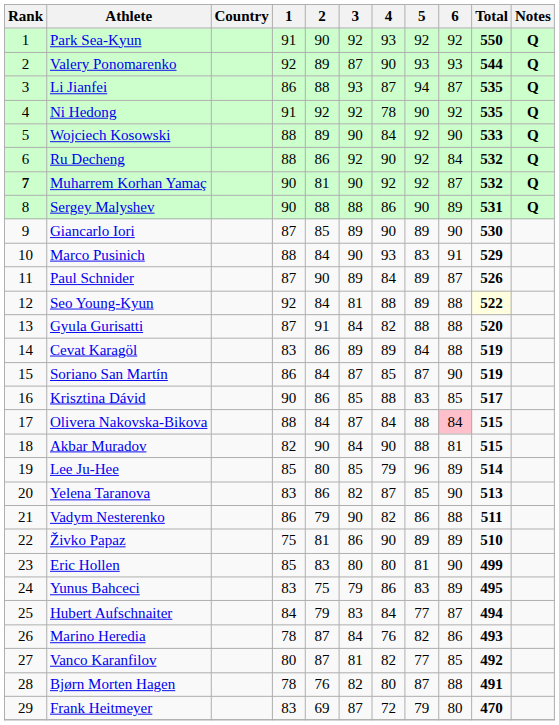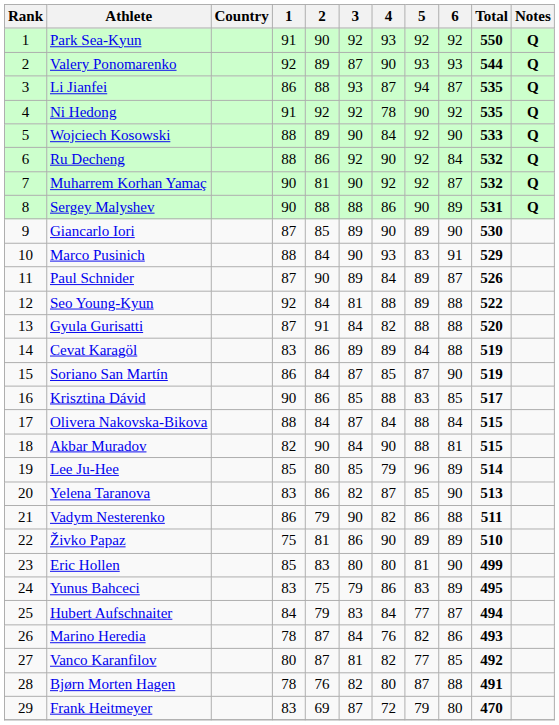 <table class="wikitable sortable" style="text-align:center">
 <tr>
 <th>Rank</th>
 <th>Athlete</th>
 <th>Country</th>
 <th style="width: 28px">1</th>
 <th style="width: 28px">2</th>
 <th style="width: 28px">3</th>
 <th style="width: 28px">4</th>
 <th style="width: 28px">5</th>
 <th style="width: 28px">6</th>
 <th>Total</th>
 <th class="unsortable">Notes</th>
 </tr>
 <tr bgcolor=#ccffcc>
 <td>1</td>
 <td align="left"><a href='#'>Park Sea-Kyun</a></td>
 <td align="left"></td>
 <td>91</td>
 <td>90</td>
 <td>92</td>
 <td>93</td>
 <td>92</td>
 <td>92</td>
 <td><strong>550</strong></td>
 <td><strong>Q</strong></td>
 </tr>
 <tr bgcolor=#ccffcc>
 <td>2</td>
 <td align="left"><a href='#'>Valery Ponomarenko</a></td>
 <td align="left"></td>
 <td>92</td>
 <td>89</td>
 <td>87</td>
 <td>90</td>
 <td>93</td>
 <td>93</td>
 <td><strong>544</strong></td>
 <td><strong>Q</strong></td>
 </tr>
 <tr bgcolor=#ccffcc>
 <td>3</td>
 <td align="left"><a href='#'>Li Jianfei</a></td>
 <td align="left"></td>
 <td>86</td>
 <td>88</td>
 <td>93</td>
 <td>87</td>
 <td>94</td>
 <td>87</td>
 <td><strong>535</strong></td>
 <td><strong>Q</strong></td>
 </tr>
 <tr bgcolor=#ccffcc>
 <td>4</td>
 <td align="left"><a href='#'>Ni Hedong</a></td>
 <td align="left"></td>
 <td>91</td>
 <td>92</td>
 <td>92</td>
 <td>78</td>
 <td>90</td>
 <td>92</td>
 <td><strong>535</strong></td>
 <td><strong>Q</strong></td>
 </tr>
 <tr bgcolor=#ccffcc>
 <td>5</td>
 <td align="left"><a href='#'>Wojciech Kosowski</a></td>
 <td align="left"></td>
 <td>88</td>
 <td>89</td>
 <td>90</td>
 <td>84</td>
 <td>92</td>
 <td>90</td>
 <td><strong>533</strong></td>
 <td><strong>Q</strong></td>
 </tr>
 <tr bgcolor=#ccffcc>
 <td>6</td>
 <td align="left"><a href='#'>Ru Decheng</a></td>
 <td align="left"></td>
 <td>88</td>
 <td>86</td>
 <td>92</td>
 <td>90</td>
 <td>92</td>
 <td>84</td>
 <td><strong>532</strong></td>
 <td><strong>Q</strong></td>
 </tr>
 <tr bgcolor=#ccffcc>
-<td><strong>7</strong></td>
+<td>7</td>
 <td align="left"><a href='#'>Muharrem Korhan Yamaç</a></td>
 <td align="left"></td>
 <td>90</td>
 <td>81</td>
 <td>90</td>
 <td>92</td>
 <td>92</td>
 <td>87</td>
 <td><strong>532</strong></td>
 <td><strong>Q</strong></td>
 </tr>
 <tr bgcolor=#ccffcc>
 <td>8</td>
 <td align="left"><a href='#'>Sergey Malyshev</a></td>
 <td align="left"></td>
 <td>90</td>
 <td>88</td>
 <td>88</td>
 <td>86</td>
 <td>90</td>
 <td>89</td>
 <td><strong>531</strong></td>
 <td><strong>Q</strong></td>
 </tr>
 <tr>
 <td>9</td>
 <td align="left"><a href='#'>Giancarlo Iori</a></td>
 <td align="left"></td>
 <td>87</td>
 <td>85</td>
 <td>89</td>
 <td>90</td>
 <td>89</td>
 <td>90</td>
 <td><strong>530</strong></td>
 <td></td>
 </tr>
 <tr>
 <td>10</td>
 <td align="left"><a href='#'>Marco Pusinich</a></td>
 <td align="left"></td>
 <td>88</td>
 <td>84</td>
 <td>90</td>
 <td>93</td>
 <td>83</td>
 <td>91</td>
 <td><strong>529</strong></td>
 <td></td>
 </tr>
 <tr>
 <td>11</td>
 <td align="left"><a href='#'>Paul Schnider</a></td>
 <td align="left"></td>
 <td>87</td>
 <td>90</td>
 <td>89</td>
 <td>84</td>
 <td>89</td>
 <td>87</td>
 <td><strong>526</strong></td>
 <td></td>
 </tr>
 <tr>
 <td>12</td>
 <td align="left"><a href='#'>Seo Young-Kyun</a></td>
 <td align="left"></td>
 <td>92</td>
 <td>84</td>
 <td>81</td>
 <td>88</td>
 <td>89</td>
 <td>88</td>
-<td style="background: lightyellow;"><strong>522</strong></td>
+<td><strong>522</strong></td>
 <td></td>
 </tr>
 <tr>
 <td>13</td>
 <td align="left"><a href='#'>Gyula Gurisatti</a></td>
 <td align="left"></td>
 <td>87</td>
 <td>91</td>
 <td>84</td>
 <td>82</td>
 <td>88</td>
 <td>88</td>
 <td><strong>520</strong></td>
 <td></td>
 </tr>
 <tr>
 <td>14</td>
 <td align="left"><a href='#'>Cevat Karagöl</a></td>
 <td align="left"></td>
 <td>83</td>
 <td>86</td>
 <td>89</td>
 <td>89</td>
 <td>84</td>
 <td>88</td>
 <td><strong>519</strong></td>
 <td></td>
 </tr>
 <tr>
 <td>15</td>
 <td align="left"><a href='#'>Soriano San Martín</a></td>
 <td align="left"></td>
 <td>86</td>
 <td>84</td>
 <td>87</td>
 <td>85</td>
 <td>87</td>
 <td>90</td>
 <td><strong>519</strong></td>
 <td></td>
 </tr>
 <tr>
 <td>16</td>
 <td align="left"><a href='#'>Krisztina Dávid</a></td>
 <td align="left"></td>
 <td>90</td>
 <td>86</td>
 <td>85</td>
 <td>88</td>
 <td>83</td>
 <td>85</td>
 <td><strong>517</strong></td>
 <td></td>
 </tr>
 <tr>
 <td>17</td>
 <td align="left"><a href='#'>Olivera Nakovska-Bikova</a></td>
 <td align="left"></td>
 <td>88</td>
 <td>84</td>
 <td>87</td>
 <td>84</td>
 <td>88</td>
-<td style="background: pink;">84</td>
+<td>84</td>
 <td><strong>515</strong></td>
 <td></td>
 </tr>
 <tr>
 <td>18</td>
 <td align="left"><a href='#'>Akbar Muradov</a></td>
 <td align="left"></td>
 <td>82</td>
 <td>90</td>
 <td>84</td>
 <td>90</td>
 <td>88</td>
 <td>81</td>
 <td><strong>515</strong></td>
 <td></td>
 </tr>
 <tr>
 <td>19</td>
 <td align="left"><a href='#'>Lee Ju-Hee</a></td>
 <td align="left"></td>
 <td>85</td>
 <td>80</td>
 <td>85</td>
 <td>79</td>
 <td>96</td>
 <td>89</td>
 <td><strong>514</strong></td>
 <td></td>
 </tr>
 <tr>
 <td>20</td>
 <td align="left"><a href='#'>Yelena Taranova</a></td>
 <td align="left"></td>
 <td>83</td>
 <td>86</td>
 <td>82</td>
 <td>87</td>
 <td>85</td>
 <td>90</td>
 <td><strong>513</strong></td>
 <td></td>
 </tr>
 <tr>
 <td>21</td>
 <td align="left"><a href='#'>Vadym Nesterenko</a></td>
 <td align="left"></td>
 <td>86</td>
 <td>79</td>
 <td>90</td>
 <td>82</td>
 <td>86</td>
 <td>88</td>
 <td><strong>511</strong></td>
 <td></td>
 </tr>
 <tr>
 <td>22</td>
 <td align="left"><a href='#'>Živko Papaz</a></td>
 <td align="left"></td>
 <td>75</td>
 <td>81</td>
 <td>86</td>
 <td>90</td>
 <td>89</td>
 <td>89</td>
 <td><strong>510</strong></td>
 <td></td>
 </tr>
 <tr>
 <td>23</td>
 <td align="left"><a href='#'>Eric Hollen</a></td>
 <td align="left"></td>
 <td>85</td>
 <td>83</td>
 <td>80</td>
 <td>80</td>
 <td>81</td>
 <td>90</td>
 <td><strong>499</strong></td>
 <td></td>
 </tr>
 <tr>
 <td>24</td>
 <td align="left"><a href='#'>Yunus Bahceci</a></td>
 <td align="left"></td>
 <td>83</td>
 <td>75</td>
 <td>79</td>
 <td>86</td>
 <td>83</td>
 <td>89</td>
 <td><strong>495</strong></td>
 <td></td>
 </tr>
 <tr>
 <td>25</td>
 <td align="left"><a href='#'>Hubert Aufschnaiter</a></td>
 <td align="left"></td>
 <td>84</td>
 <td>79</td>
 <td>83</td>
 <td>84</td>
 <td>77</td>
 <td>87</td>
 <td><strong>494</strong></td>
 <td></td>
 </tr>
 <tr>
 <td>26</td>
 <td align="left"><a href='#'>Marino Heredia</a></td>
 <td align="left"></td>
 <td>78</td>
 <td>87</td>
 <td>84</td>
 <td>76</td>
 <td>82</td>
 <td>86</td>
 <td><strong>493</strong></td>
 <td></td>
 </tr>
 <tr>
 <td>27</td>
 <td align="left"><a href='#'>Vanco Karanfilov</a></td>
 <td align="left"></td>
 <td>80</td>
 <td>87</td>
 <td>81</td>
 <td>82</td>
 <td>77</td>
 <td>85</td>
 <td><strong>492</strong></td>
 <td></td>
 </tr>
 <tr>
 <td>28</td>
 <td align="left"><a href='#'>Bjørn Morten Hagen</a></td>
 <td align="left"></td>
 <td>78</td>
 <td>76</td>
 <td>82</td>
 <td>80</td>
 <td>87</td>
 <td>88</td>
 <td><strong>491</strong></td>
 <td></td>
 </tr>
 <tr>
 <td>29</td>
 <td align="left"><a href='#'>Frank Heitmeyer</a></td>
 <td align="left"></td>
 <td>83</td>
 <td>69</td>
 <td>87</td>
 <td>72</td>
 <td>79</td>
 <td>80</td>
 <td><strong>470</strong></td>
 <td></td>
 </tr>
 <tr>
 </tr>
 </table>
